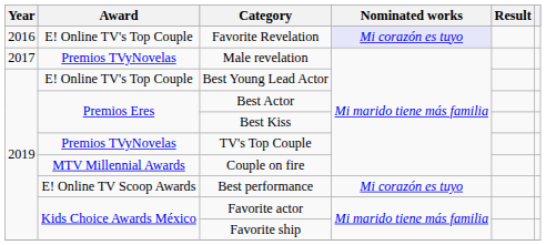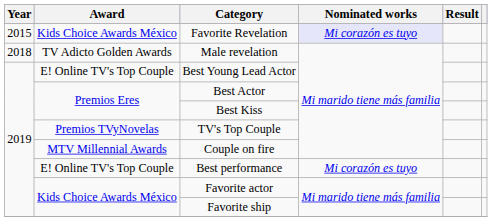 <table class="wikitable plainrowheaders" style="text-align:center;">
 <tr style="background:#96c;">
 <th scope="col">Year</th>
 <th scope="col">Award</th>
 <th scope="col">Category</th>
 <th scope="col">Nominated works</th>
 <th scope="col">Result</th>
 <th scope="col"></th>
 </tr>
 <tr>
-<td scope="row" rowspan="1">2016</td>
-<td>E! Online TV's Top Couple</td>
+<td scope="row" rowspan="1">2015</td>
+<td rowspan="1"><a href='#'>Kids Choice Awards México</a></td>
 <td scope="row">Favorite Revelation</td>
 <td rowspan="1" style="background: lavender;"><em><a href='#'>Mi corazón es tuyo</a></em></td>
 <td></td>
 <td></td>
 </tr>
 <tr>
-<td>2017</td>
-<td><a href='#'>Premios TVyNovelas</a></td>
+<td>2018</td>
+<td>TV Adicto Golden Awards</td>
 <td>Male revelation</td>
 <td rowspan=6><em><a href='#'>Mi marido tiene más familia</a></em></td>
 <td></td>
 <td></td>
 </tr>
 <tr>
 <td rowspan=8>2019</td>
 <td>E! Online TV's Top Couple</td>
 <td>Best Young Lead Actor</td>
 <td></td>
 <td></td>
 </tr>
 <tr>
 <td rowspan=2><a href='#'>Premios Eres</a></td>
 <td>Best Actor</td>
 <td></td>
 <td></td>
 </tr>
 <tr>
 <td>Best Kiss</td>
 <td></td>
 <td></td>
 </tr>
 <tr>
 <td><a href='#'>Premios TVyNovelas</a></td>
 <td>TV's Top Couple</td>
 <td></td>
 <td></td>
 </tr>
 <tr>
 <td><a href='#'>MTV Millennial Awards</a></td>
 <td>Couple on fire</td>
 <td></td>
 <td></td>
 </tr>
 <tr>
-<td>E! Online TV Scoop Awards</td>
+<td>E! Online TV's Top Couple</td>
 <td>Best performance</td>
 <td rowspan="1"><em><a href='#'>Mi corazón es tuyo</a></em></td>
 <td></td>
 <td></td>
 </tr>
 <tr>
 <td rowspan="2"><a href='#'>Kids Choice Awards México</a></td>
 <td>Favorite actor</td>
 <td rowspan="2"><em><a href='#'>Mi marido tiene más familia</a></em></td>
 <td></td>
 <td></td>
 </tr>
 <tr>
 <td>Favorite ship</td>
 <td></td>
 <td></td>
 </tr>
 <tr>
 </tr>
 </table>
